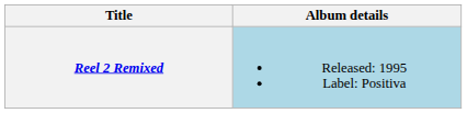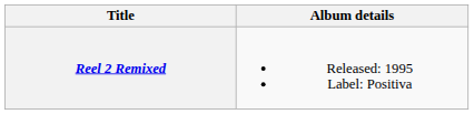 <table class="wikitable plainrowheaders" style="text-align:center;">
 <tr>
 <th scope="col" style="width:16em;">Title</th>
 <th scope="col" style="width:16em;">Album details</th>
 </tr>
 <tr>
 <th scope="row"><em><a href='#'>Reel 2 Remixed</a></em></th>
-<td style="background: lightblue;"><br><ul><li>Released: 1995</li><li>Label: Positiva</li></ul></td>
+<td><br><ul><li>Released: 1995</li><li>Label: Positiva</li></ul></td>
 </tr>
 </table>
